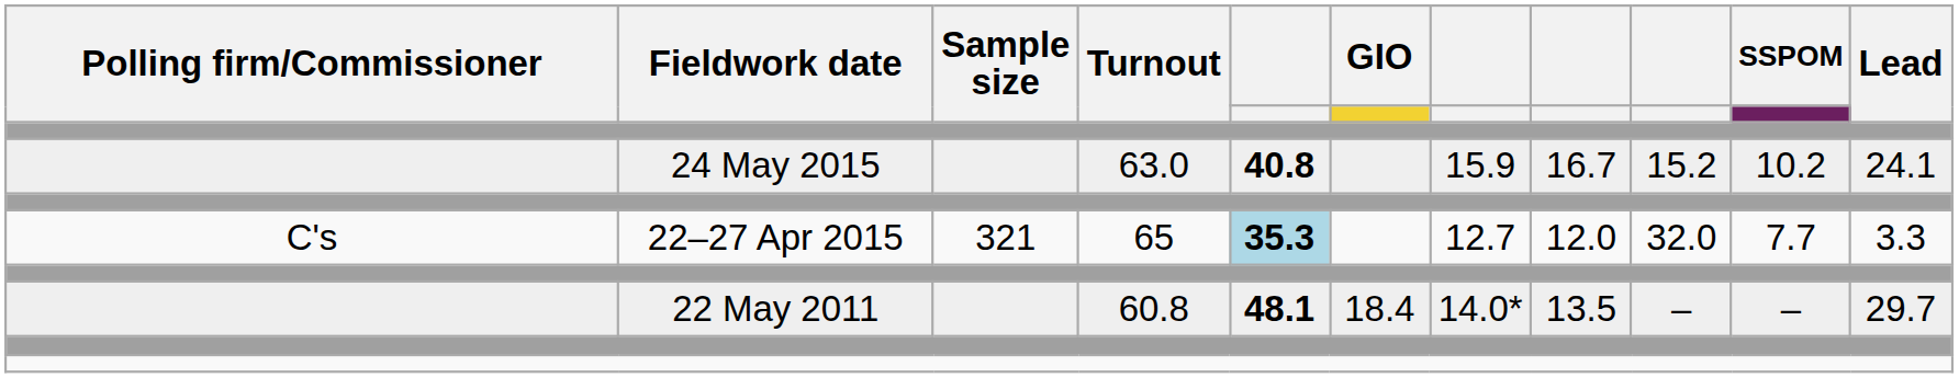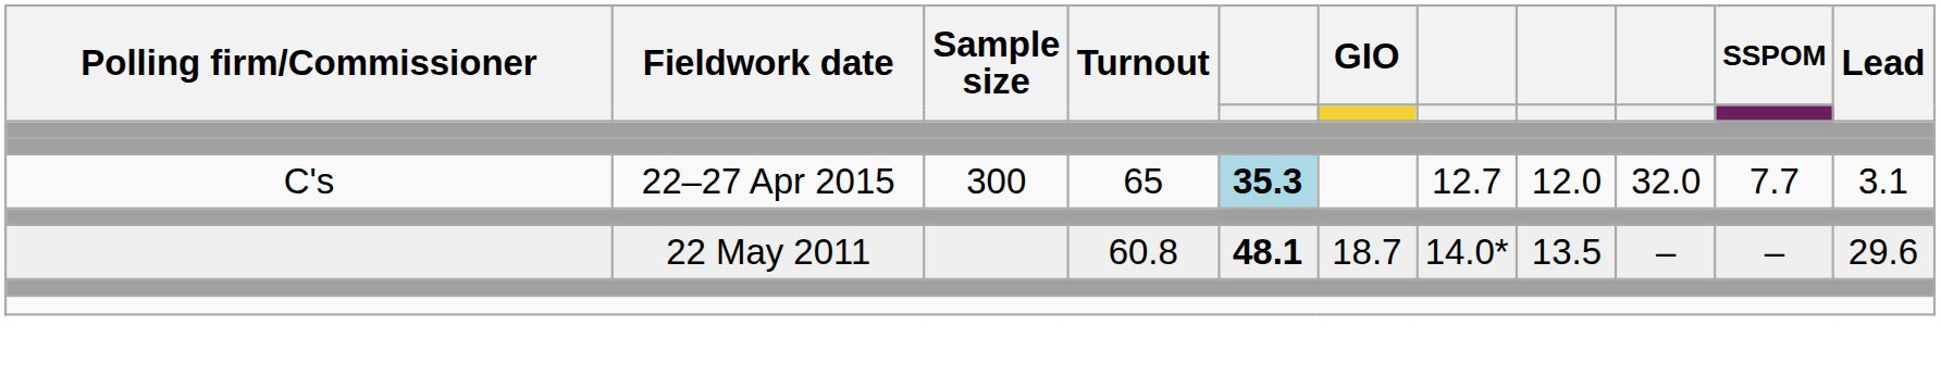 <table class="wikitable collapsible collapsed" style="text-align:center; font-size:95%; line-height:16px;">
 <tr style="height:42px;">
 <th style="width:250px;" rowspan="2">Polling firm/Commissioner</th>
 <th style="width:125px;" rowspan="2">Fieldwork date</th>
 <th style="width:50px;" rowspan="2">Sample size</th>
 <th style="width:45px;" rowspan="2">Turnout</th>
 <th style="width:35px;"></th>
 <th style="width:35px;">GIO</th>
 <th style="width:35px;"></th>
 <th style="width:35px;"></th>
 <th style="width:35px;"></th>
 <th style="width:35px; font-size:80%;">SSPOM</th>
 <th style="width:30px;" rowspan="2">Lead</th>
 </tr>
 <tr>
 <th style="color:inherit;background:"></th>
 <th style="color:inherit;background:#F2D232;"></th>
 <th style="color:inherit;background:"></th>
 <th style="color:inherit;background:"></th>
 <th style="color:inherit;background:"></th>
 <th style="color:inherit;background:#6B1F5F;"></th>
 </tr>
 <tr>
 <td colspan="11" style="background:#A0A0A0"></td>
 </tr>
-<tr style="background:#EFEFEF;">
-<td><strong></strong></td>
-<td>24 May 2015</td>
-<td></td>
-<td>63.0</td>
-<td><strong>40.8</strong><br></td>
-<td></td>
-<td>15.9<br></td>
-<td>16.7<br></td>
-<td>15.2<br></td>
-<td>10.2<br></td>
-<td style="background:">24.1</td>
-</tr>
 <tr>
 <td colspan="11" style="background:#A0A0A0"></td>
 </tr>
 <tr>
 <td>C's</td>
 <td>22–27 Apr 2015</td>
-<td>321</td>
+<td>300</td>
 <td>65</td>
 <td style="background: lightblue;"><strong>35.3</strong><br></td>
 <td></td>
 <td>12.7<br></td>
 <td>12.0<br></td>
 <td>32.0<br></td>
 <td>7.7<br></td>
-<td style="background:">3.3</td>
+<td style="background:">3.1</td>
 </tr>
 <tr>
 <td colspan="11" style="background:#A0A0A0"></td>
 </tr>
 <tr style="background:#EFEFEF;">
 <td><strong></strong></td>
 <td>22 May 2011</td>
 <td></td>
 <td>60.8</td>
 <td><strong>48.1</strong><br></td>
-<td>18.4<br></td>
+<td>18.7<br></td>
 <td>14.0*<br></td>
 <td>13.5<br></td>
 <td>–</td>
 <td>–</td>
-<td style="background:">29.7</td>
+<td style="background:">29.6</td>
 </tr>
 <tr>
 <td colspan="11" style="background:#A0A0A0"></td>
 </tr>
 <tr>
 <td align="left" colspan="11"></td>
 </tr>
 </table>
